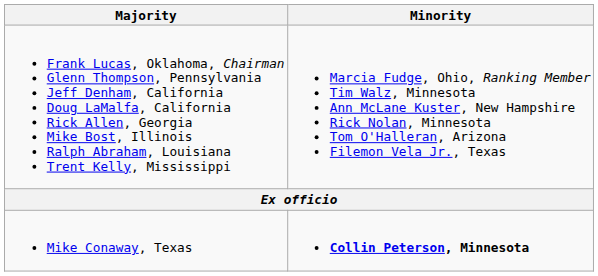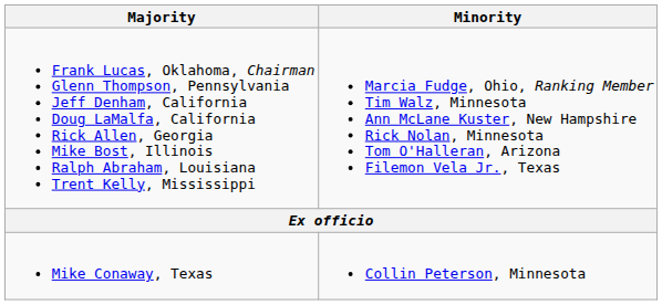 <table class=wikitable>
 <tr>
 <th>Majority</th>
 <th>Minority</th>
 </tr>
 <tr>
 <td><br><ul><li><a href='#'>Frank Lucas</a>, Oklahoma, <em>Chairman</em></li><li><a href='#'>Glenn Thompson</a>, Pennsylvania</li><li><a href='#'>Jeff Denham</a>, California</li><li><a href='#'>Doug LaMalfa</a>, California</li><li><a href='#'>Rick Allen</a>, Georgia</li><li><a href='#'>Mike Bost</a>, Illinois</li><li><a href='#'>Ralph Abraham</a>, Louisiana</li><li><a href='#'>Trent Kelly</a>, Mississippi</li></ul></td>
 <td><br><ul><li><a href='#'>Marcia Fudge</a>, Ohio, <em>Ranking Member</em></li><li><a href='#'>Tim Walz</a>, Minnesota</li><li><a href='#'>Ann McLane Kuster</a>, New Hampshire</li><li><a href='#'>Rick Nolan</a>, Minnesota</li><li><a href='#'>Tom O'Halleran</a>, Arizona</li><li><a href='#'>Filemon Vela Jr.</a>, Texas</li></ul></td>
 </tr>
 <tr>
 <th colspan=2><em>Ex officio</em></th>
 </tr>
 <tr>
 <td><br><ul><li><a href='#'>Mike Conaway</a>, Texas</li></ul></td>
-<td><strong><br><ul><li><a href='#'>Collin Peterson</a>, Minnesota</li></ul></strong></td>
+<td><br><ul><li><a href='#'>Collin Peterson</a>, Minnesota</li></ul></td>
 </tr>
 </table>
